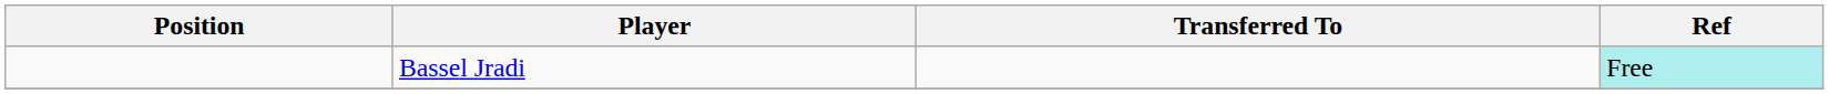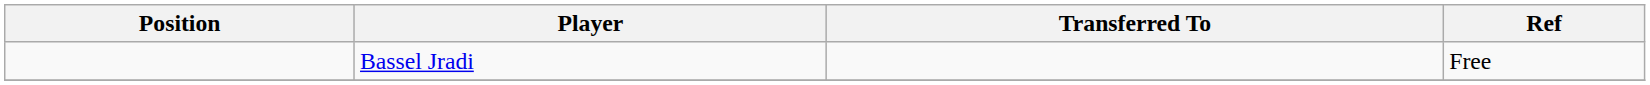 <table class="wikitable sortable" style="width:70%; text-align:center; font-size:100%; text-align:left;">
 <tr>
 <th>Position</th>
 <th>Player</th>
 <th>Transferred To</th>
 <th>Ref</th>
 </tr>
 <tr>
 <td></td>
 <td> <a href='#'>Bassel Jradi</a></td>
 <td></td>
-<td style="background: paleturquoise;">Free  </td>
+<td>Free  </td>
 </tr>
 <tr>
 </tr>
 </table>
